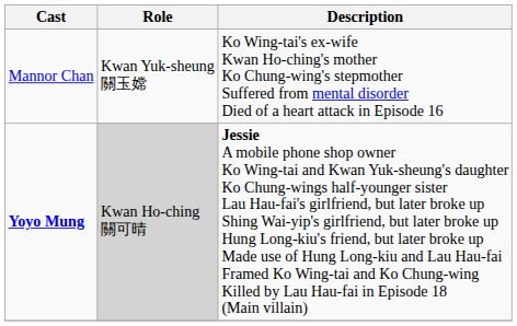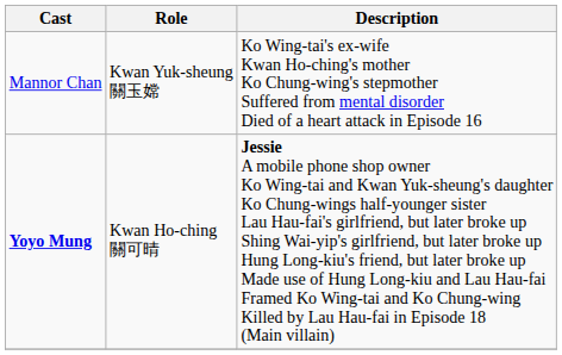 <table class="wikitable">
 <tr>
 <th>Cast</th>
 <th>Role</th>
 <th>Description</th>
 </tr>
 <tr>
 <td><a href='#'>Mannor Chan</a></td>
 <td>Kwan Yuk-sheung<br>關玉嫦</td>
 <td>Ko Wing-tai's ex-wife<br>Kwan Ho-ching's mother<br>Ko Chung-wing's stepmother<br>Suffered from <a href='#'>mental disorder</a><br>Died of a heart attack in Episode 16</td>
 </tr>
 <tr>
 <td><strong><a href='#'>Yoyo Mung</a></strong></td>
-<td style="background: lightgrey;">Kwan Ho-ching <br>關可晴</td>
+<td>Kwan Ho-ching <br>關可晴</td>
 <td><strong>Jessie</strong><br>A mobile phone shop owner<br>Ko Wing-tai and Kwan Yuk-sheung's daughter<br>Ko Chung-wings half-younger sister<br>Lau Hau-fai's girlfriend, but later broke up<br>Shing Wai-yip's girlfriend, but later broke up<br>Hung Long-kiu's friend, but later broke up<br>Made use of Hung Long-kiu and Lau Hau-fai<br>Framed Ko Wing-tai and Ko Chung-wing<br>Killed by Lau Hau-fai in Episode 18<br>(Main villain)</td>
 </tr>
 <tr>
 </tr>
 </table>
